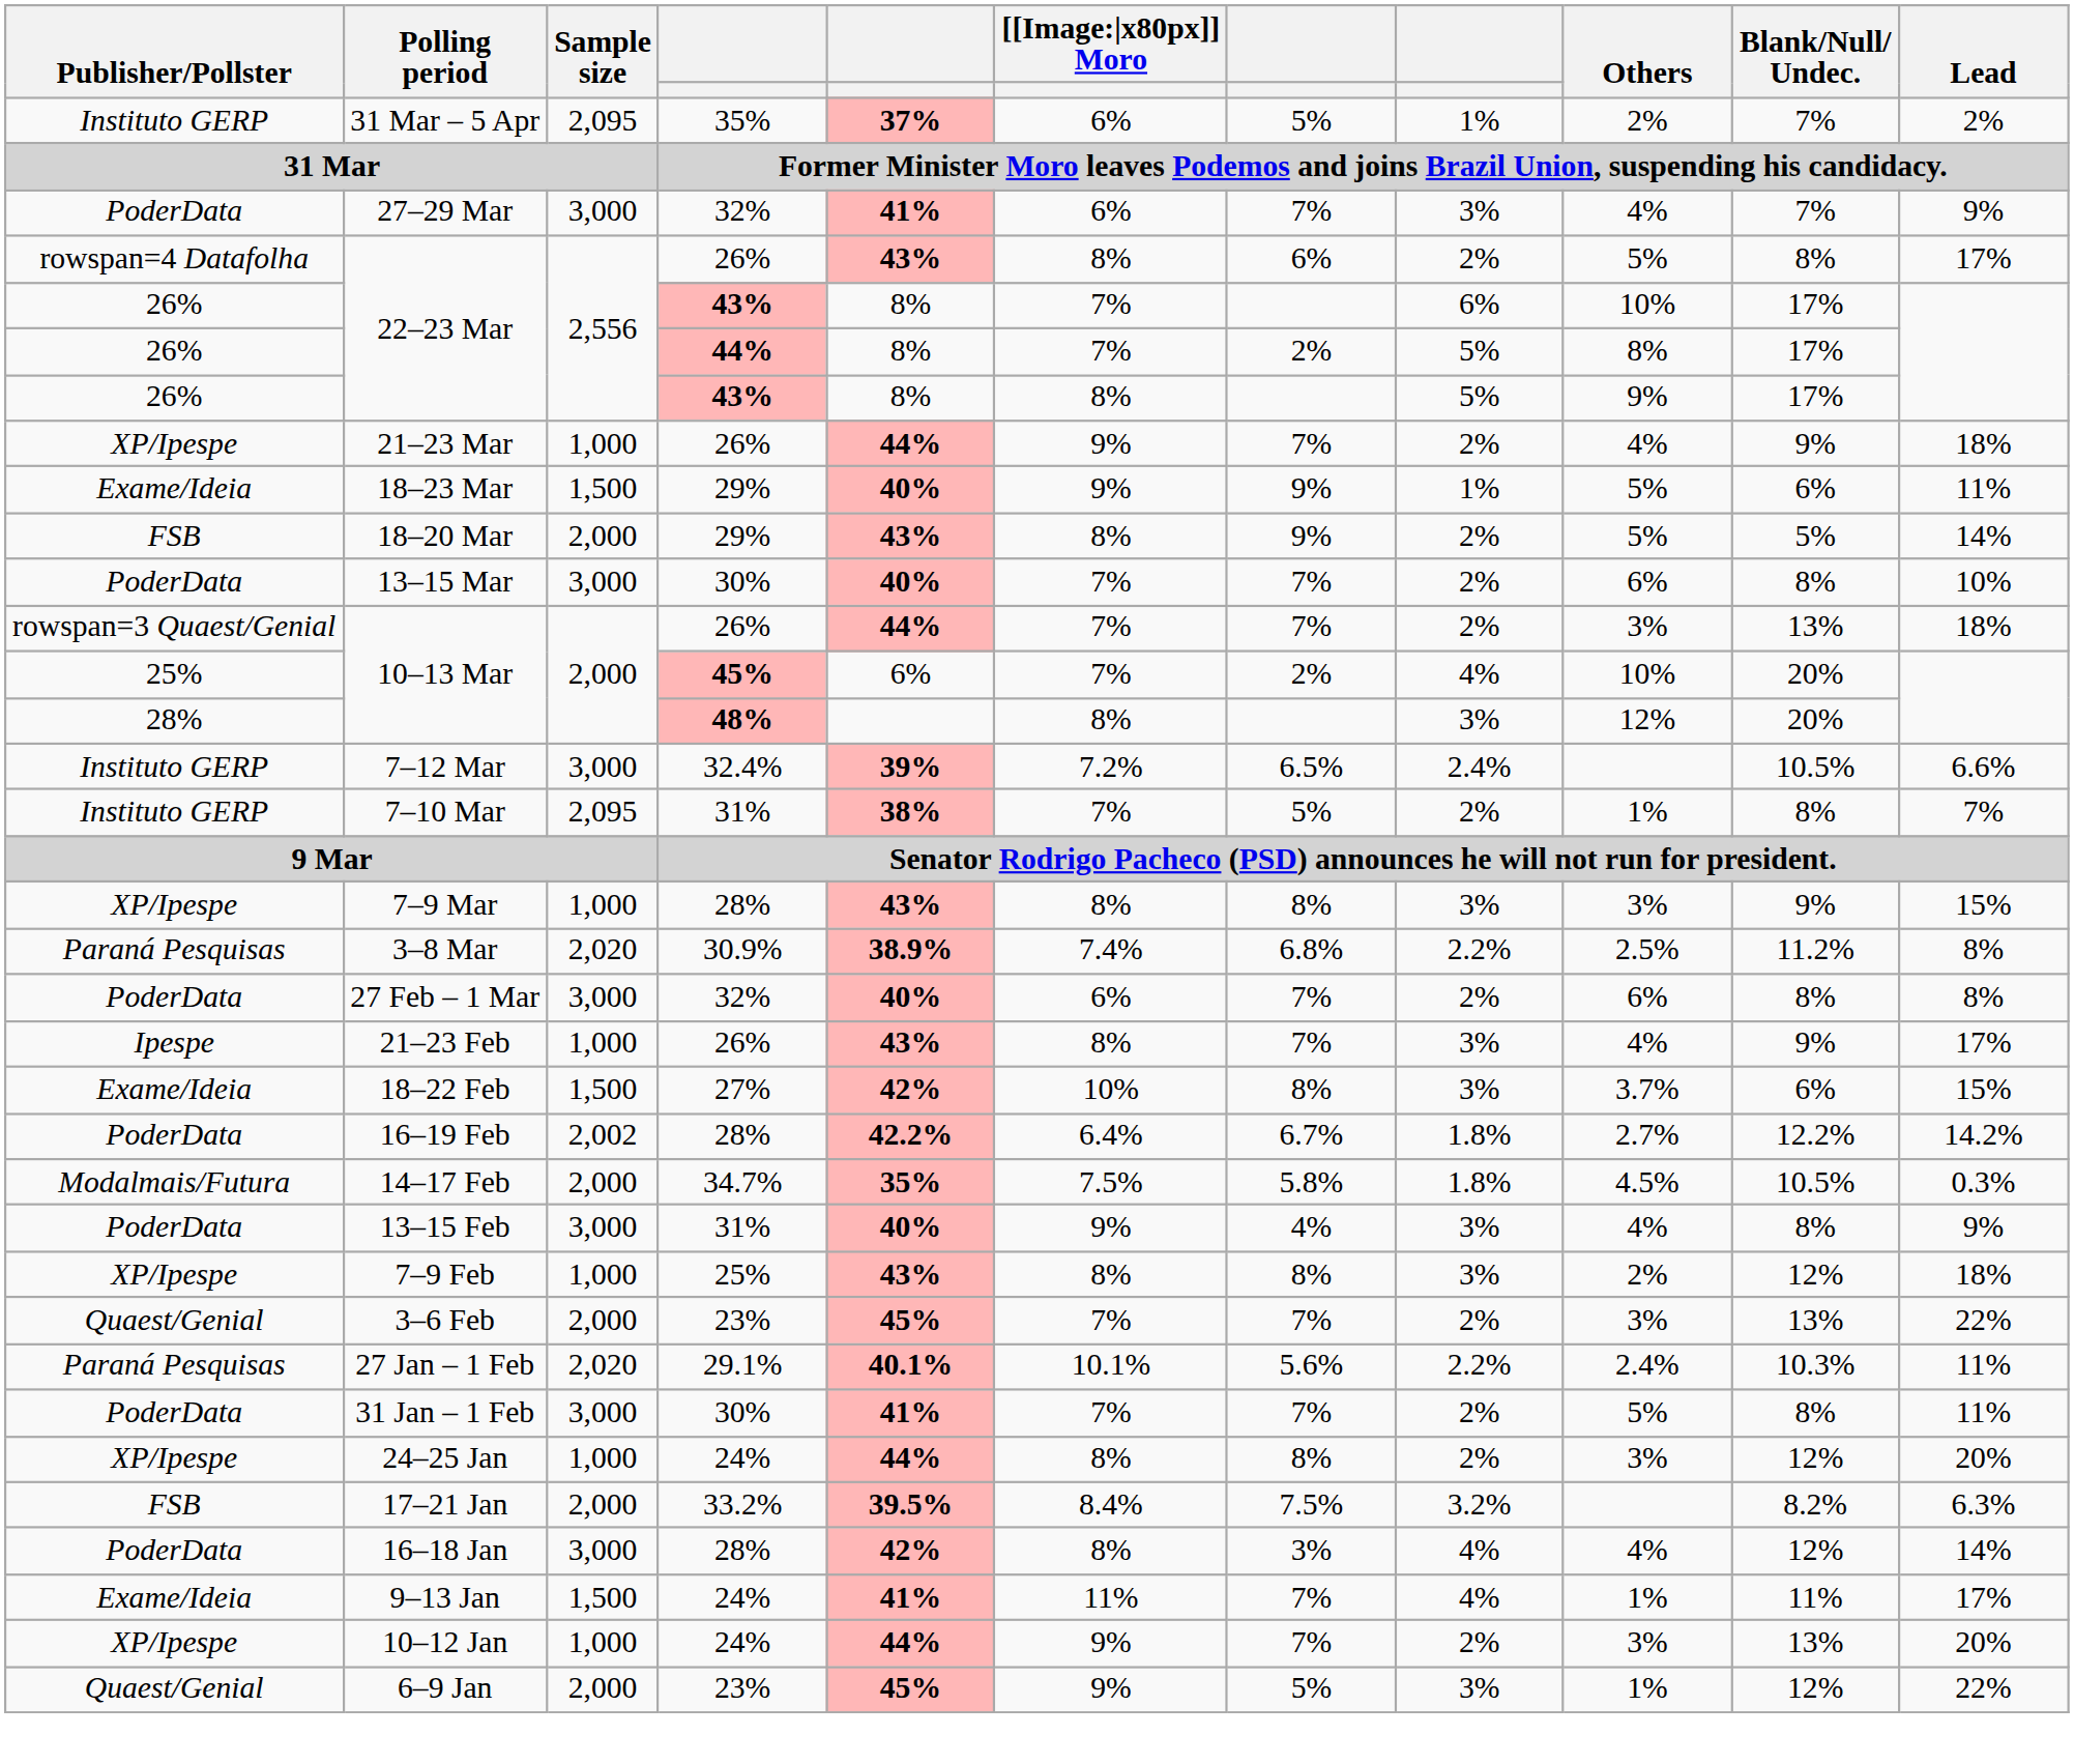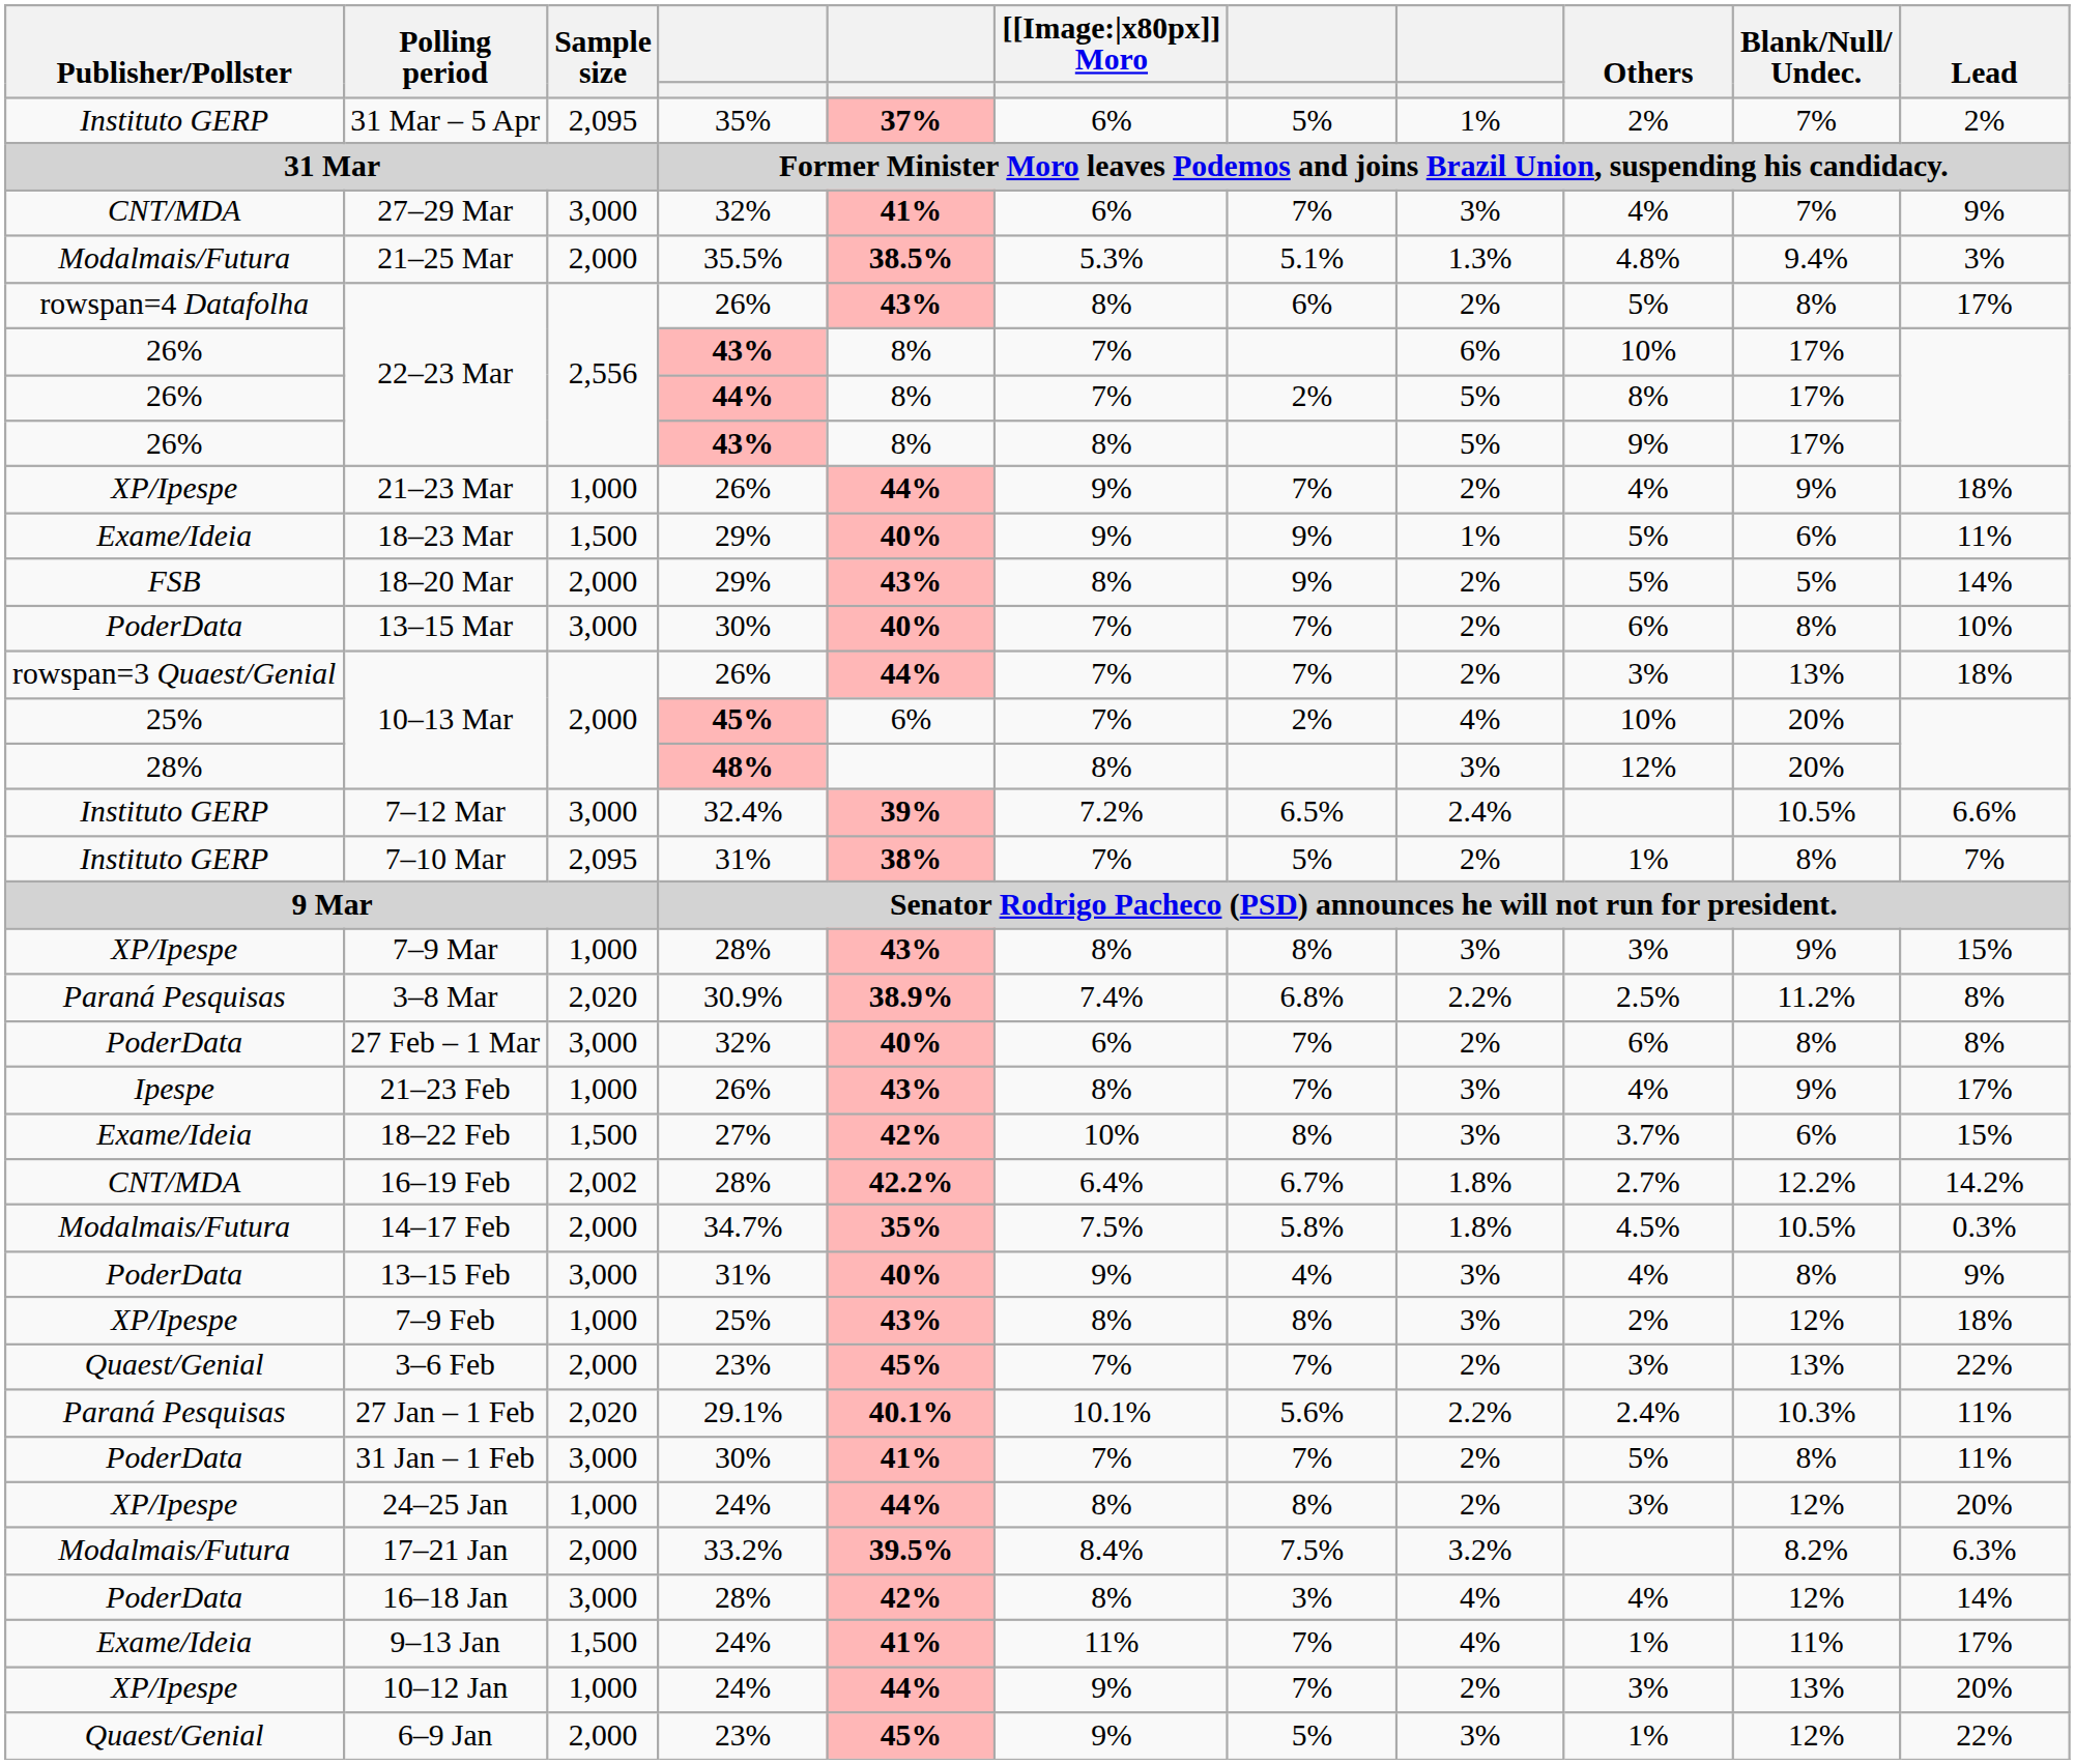 <table class="nowrap wikitable" style=text-align:center;font-size:85%;line-height:14px>
 <tr style=vertical-align:bottom>
 <th rowspan=2>Publisher/Pollster</th>
 <th rowspan=2>Polling<br>period</th>
 <th rowspan=2>Sample<br>size</th>
 <th style=width:5em><br></th>
 <th style=width:5em><br></th>
 <th style=width:5em>[[Image:|x80px]]<br><a href='#'>Moro</a><br></th>
 <th style=width:5em><br></th>
 <th style=width:5em><br></th>
 <th style=width:5em rowspan=2>Others<br></th>
 <th style=width:5em rowspan=2>Blank/Null/<br>Undec.</th>
 <th style=width:5em rowspan=2>Lead</th>
 </tr>
 <tr>
 <th style=background:></th>
 <th style=background:></th>
 <th style=background:></th>
 <th style=background:></th>
 <th style=background:></th>
 </tr>
 <tr>
 <td> <em>Instituto GERP</em></td>
 <td>31 Mar – 5 Apr</td>
 <td>2,095</td>
 <td>35%</td>
 <td style=background:#ffb7b7;font-weight:bold>37%</td>
 <td>6%</td>
 <td>5%</td>
 <td>1%</td>
 <td>2%</td>
 <td>7%</td>
 <td style=background:>2%</td>
 </tr>
 <tr style=background:lightgrey;font-weight:bold>
 <td colspan=3>31 Mar</td>
 <td colspan=8 class=wrap>Former Minister <a href='#'>Moro</a> leaves <a href='#'>Podemos</a> and joins <a href='#'>Brazil Union</a>, suspending his candidacy.</td>
 </tr>
 <tr>
-<td> <em>PoderData</em></td>
+<td> <em>CNT/MDA</em></td>
 <td>27–29 Mar</td>
 <td>3,000</td>
 <td>32%</td>
 <td style=background:#ffb7b7;font-weight:bold>41%</td>
 <td>6%</td>
 <td>7%</td>
 <td>3%</td>
 <td>4%</td>
 <td>7%</td>
 <td style=background:>9%</td>
+</tr>
+<tr>
+<td> <em>Modalmais/Futura</em></td>
+<td>21–25 Mar</td>
+<td>2,000</td>
+<td>35.5%</td>
+<td style=background:#ffb7b7;font-weight:bold>38.5%</td>
+<td>5.3%</td>
+<td>5.1%</td>
+<td>1.3%</td>
+<td>4.8%</td>
+<td>9.4%</td>
+<td style=background:>3%</td>
 </tr>
 <tr>
 <td>rowspan=4  <em>Datafolha</em></td>
 <td rowspan=4>22–23 Mar</td>
 <td rowspan=4>2,556</td>
 <td>26%</td>
 <td style=background:#ffb7b7;font-weight:bold>43%</td>
 <td>8%</td>
 <td>6%</td>
 <td>2%</td>
 <td>5%</td>
 <td>8%</td>
 <td style=background:>17%</td>
 </tr>
 <tr>
 <td>26%</td>
 <td style=background:#ffb7b7;font-weight:bold>43%</td>
 <td>8%</td>
 <td>7%</td>
 <td></td>
 <td>6%</td>
 <td>10%</td>
 <td style=background:>17%</td>
 </tr>
 <tr>
 <td>26%</td>
 <td style=background:#ffb7b7;font-weight:bold>44%</td>
 <td>8%</td>
 <td>7%</td>
 <td>2%</td>
 <td>5%</td>
 <td>8%</td>
 <td style=background:>17%</td>
 </tr>
 <tr>
 <td>26%</td>
 <td style=background:#ffb7b7;font-weight:bold>43%</td>
 <td>8%</td>
 <td>8%</td>
 <td></td>
 <td>5%</td>
 <td>9%</td>
 <td style=background:>17%</td>
 </tr>
 <tr>
 <td> <em>XP/Ipespe</em></td>
 <td>21–23 Mar</td>
 <td>1,000</td>
 <td>26%</td>
 <td style=background:#ffb7b7;font-weight:bold>44%</td>
 <td>9%</td>
 <td>7%</td>
 <td>2%</td>
 <td>4%</td>
 <td>9%</td>
 <td style=background:>18%</td>
 </tr>
 <tr>
 <td> <em>Exame/Ideia</em></td>
 <td>18–23 Mar</td>
 <td>1,500</td>
 <td>29%</td>
 <td style=background:#ffb7b7;font-weight:bold>40%</td>
 <td>9%</td>
 <td>9%</td>
 <td>1%</td>
 <td>5%</td>
 <td>6%</td>
 <td style=background:>11%</td>
 </tr>
 <tr>
 <td> <em>FSB</em></td>
 <td>18–20 Mar</td>
 <td>2,000</td>
 <td>29%</td>
 <td style=background:#ffb7b7;font-weight:bold>43%</td>
 <td>8%</td>
 <td>9%</td>
 <td>2%</td>
 <td>5%</td>
 <td>5%</td>
 <td style=background:>14%</td>
 </tr>
 <tr>
 <td> <em>PoderData</em></td>
 <td>13–15 Mar</td>
 <td>3,000</td>
 <td>30%</td>
 <td style=background:#ffb7b7;font-weight:bold>40%</td>
 <td>7%</td>
 <td>7%</td>
 <td>2%</td>
 <td>6%</td>
 <td>8%</td>
 <td style=background:>10%</td>
 </tr>
 <tr>
 <td>rowspan=3  <em>Quaest/Genial</em></td>
 <td rowspan=3>10–13 Mar</td>
 <td rowspan=3>2,000</td>
 <td>26%</td>
 <td style=background:#ffb7b7;font-weight:bold>44%</td>
 <td>7%</td>
 <td>7%</td>
 <td>2%</td>
 <td>3%</td>
 <td>13%</td>
 <td style=background:>18%</td>
 </tr>
 <tr>
 <td>25%</td>
 <td style=background:#ffb7b7;font-weight:bold>45%</td>
 <td>6%</td>
 <td>7%</td>
 <td>2%</td>
 <td>4%</td>
 <td>10%</td>
 <td style=background:>20%</td>
 </tr>
 <tr>
 <td>28%</td>
 <td style=background:#ffb7b7;font-weight:bold>48%</td>
 <td></td>
 <td>8%</td>
 <td></td>
 <td>3%</td>
 <td>12%</td>
 <td style=background:>20%</td>
 </tr>
 <tr>
 <td> <em>Instituto GERP</em></td>
 <td>7–12 Mar</td>
 <td>3,000</td>
 <td>32.4%</td>
 <td style=background:#ffb7b7;font-weight:bold>39%</td>
 <td>7.2%</td>
 <td>6.5%</td>
 <td>2.4%</td>
 <td></td>
 <td>10.5%</td>
 <td style=background:>6.6%</td>
 </tr>
 <tr>
 <td> <em>Instituto GERP</em></td>
 <td>7–10 Mar</td>
 <td>2,095</td>
 <td>31%</td>
 <td style=background:#ffb7b7;font-weight:bold>38%</td>
 <td>7%</td>
 <td>5%</td>
 <td>2%</td>
 <td>1%</td>
 <td>8%</td>
 <td style=background:>7%</td>
 </tr>
 <tr style=background:lightgrey;font-weight:bold>
 <td colspan=3>9 Mar</td>
 <td colspan=8 class=wrap>Senator <a href='#'>Rodrigo Pacheco</a> (<a href='#'>PSD</a>) announces he will not run for president.</td>
 </tr>
 <tr>
 <td> <em>XP/Ipespe</em></td>
 <td>7–9 Mar</td>
 <td>1,000</td>
 <td>28%</td>
 <td style=background:#ffb7b7;font-weight:bold>43%</td>
 <td>8%</td>
 <td>8%</td>
 <td>3%</td>
 <td>3%</td>
 <td>9%</td>
 <td style=background:>15%</td>
 </tr>
 <tr>
 <td> <em>Paraná Pesquisas</em></td>
 <td>3–8 Mar</td>
 <td>2,020</td>
 <td>30.9%</td>
 <td style=background:#ffb7b7;font-weight:bold>38.9%</td>
 <td>7.4%</td>
 <td>6.8%</td>
 <td>2.2%</td>
 <td>2.5%</td>
 <td>11.2%</td>
 <td style=background:>8%</td>
 </tr>
 <tr>
 <td> <em>PoderData</em></td>
 <td>27 Feb – 1 Mar</td>
 <td>3,000</td>
 <td>32%</td>
 <td style=background:#ffb7b7;font-weight:bold>40%</td>
 <td>6%</td>
 <td>7%</td>
 <td>2%</td>
 <td>6%</td>
 <td>8%</td>
 <td style=background:>8%</td>
 </tr>
 <tr>
 <td> <em>Ipespe</em></td>
 <td>21–23 Feb</td>
 <td>1,000</td>
 <td>26%</td>
 <td style=background:#ffb7b7;font-weight:bold>43%</td>
 <td>8%</td>
 <td>7%</td>
 <td>3%</td>
 <td>4%</td>
 <td>9%</td>
 <td style=background:>17%</td>
 </tr>
 <tr>
 <td> <em>Exame/Ideia</em></td>
 <td>18–22 Feb</td>
 <td>1,500</td>
 <td>27%</td>
 <td style=background:#ffb7b7;font-weight:bold>42%</td>
 <td>10%</td>
 <td>8%</td>
 <td>3%</td>
 <td>3.7%</td>
 <td>6%</td>
 <td style=background:>15%</td>
 </tr>
 <tr>
-<td> <em>PoderData</em></td>
+<td> <em>CNT/MDA</em></td>
 <td>16–19 Feb</td>
 <td>2,002</td>
 <td>28%</td>
 <td style=background:#ffb7b7;font-weight:bold>42.2%</td>
 <td>6.4%</td>
 <td>6.7%</td>
 <td>1.8%</td>
 <td>2.7%</td>
 <td>12.2%</td>
 <td style=background:>14.2%</td>
 </tr>
 <tr>
 <td> <em>Modalmais/Futura</em></td>
 <td>14–17 Feb</td>
 <td>2,000</td>
 <td>34.7%</td>
 <td style=background:#ffb7b7;font-weight:bold>35%</td>
 <td>7.5%</td>
 <td>5.8%</td>
 <td>1.8%</td>
 <td>4.5%</td>
 <td>10.5%</td>
 <td style=background:>0.3%</td>
 </tr>
 <tr>
 <td> <em>PoderData</em></td>
 <td>13–15 Feb</td>
 <td>3,000</td>
 <td>31%</td>
 <td style=background:#ffb7b7;font-weight:bold>40%</td>
 <td>9%</td>
 <td>4%</td>
 <td>3%</td>
 <td>4%</td>
 <td>8%</td>
 <td style=background:>9%</td>
 </tr>
 <tr>
 <td> <em>XP/Ipespe</em></td>
 <td>7–9 Feb</td>
 <td>1,000</td>
 <td>25%</td>
 <td style=background:#ffb7b7;font-weight:bold>43%</td>
 <td>8%</td>
 <td>8%</td>
 <td>3%</td>
 <td>2%</td>
 <td>12%</td>
 <td style=background:>18%</td>
 </tr>
 <tr>
 <td> <em>Quaest/Genial</em></td>
 <td>3–6 Feb</td>
 <td>2,000</td>
 <td>23%</td>
 <td style=background:#ffb7b7;font-weight:bold>45%</td>
 <td>7%</td>
 <td>7%</td>
 <td>2%</td>
 <td>3%</td>
 <td>13%</td>
 <td style=background:>22%</td>
 </tr>
 <tr>
 <td> <em>Paraná Pesquisas</em></td>
 <td>27 Jan – 1 Feb</td>
 <td>2,020</td>
 <td>29.1%</td>
 <td style=background:#ffb7b7;font-weight:bold>40.1%</td>
 <td>10.1%</td>
 <td>5.6%</td>
 <td>2.2%</td>
 <td>2.4%</td>
 <td>10.3%</td>
 <td style=background:>11%</td>
 </tr>
 <tr>
 <td> <em>PoderData</em></td>
 <td>31 Jan – 1 Feb</td>
 <td>3,000</td>
 <td>30%</td>
 <td style=background:#ffb7b7;font-weight:bold>41%</td>
 <td>7%</td>
 <td>7%</td>
 <td>2%</td>
 <td>5%</td>
 <td>8%</td>
 <td style=background:>11%</td>
 </tr>
 <tr>
 <td> <em>XP/Ipespe</em></td>
 <td>24–25 Jan</td>
 <td>1,000</td>
 <td>24%</td>
 <td style=background:#ffb7b7;font-weight:bold>44%</td>
 <td>8%</td>
 <td>8%</td>
 <td>2%</td>
 <td>3%</td>
 <td>12%</td>
 <td style=background:>20%</td>
 </tr>
 <tr>
-<td> <em>FSB</em></td>
+<td> <em>Modalmais/Futura</em></td>
 <td>17–21 Jan</td>
 <td>2,000</td>
 <td>33.2%</td>
 <td style=background:#ffb7b7;font-weight:bold>39.5%</td>
 <td>8.4%</td>
 <td>7.5%</td>
 <td>3.2%</td>
 <td></td>
 <td>8.2%</td>
 <td style=background:>6.3%</td>
 </tr>
 <tr>
 <td> <em>PoderData</em></td>
 <td>16–18 Jan</td>
 <td>3,000</td>
 <td>28%</td>
 <td style=background:#ffb7b7;font-weight:bold>42%</td>
 <td>8%</td>
 <td>3%</td>
 <td>4%</td>
 <td>4%</td>
 <td>12%</td>
 <td style=background:>14%</td>
 </tr>
 <tr>
 <td> <em>Exame/Ideia</em></td>
 <td>9–13 Jan</td>
 <td>1,500</td>
 <td>24%</td>
 <td style=background:#ffb7b7;font-weight:bold>41%</td>
 <td>11%</td>
 <td>7%</td>
 <td>4%</td>
 <td>1%</td>
 <td>11%</td>
 <td style=background:>17%</td>
 </tr>
 <tr>
 <td> <em>XP/Ipespe</em></td>
 <td>10–12 Jan</td>
 <td>1,000</td>
 <td>24%</td>
 <td style=background:#ffb7b7;font-weight:bold>44%</td>
 <td>9%</td>
 <td>7%</td>
 <td>2%</td>
 <td>3%</td>
 <td>13%</td>
 <td style=background:>20%</td>
 </tr>
 <tr>
 <td> <em>Quaest/Genial</em></td>
 <td>6–9 Jan</td>
 <td>2,000</td>
 <td>23%</td>
 <td style=background:#ffb7b7;font-weight:bold>45%</td>
 <td>9%</td>
 <td>5%</td>
 <td>3%</td>
 <td>1%</td>
 <td>12%</td>
 <td style=background:>22%</td>
 </tr>
 </table>
